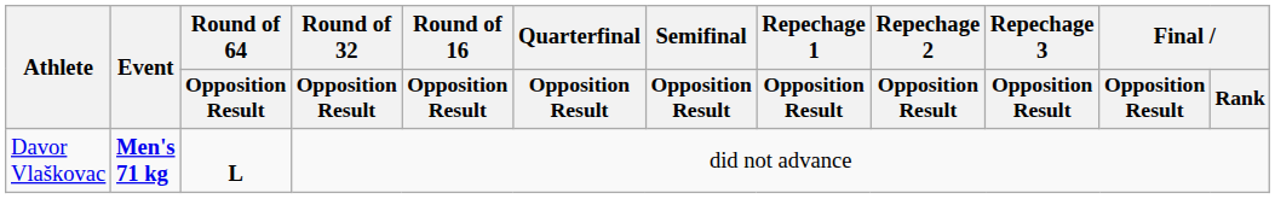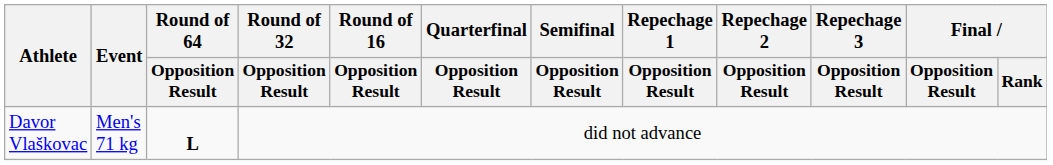 <table class=wikitable style=font-size:90%;text-align:center>
 <tr>
 <th rowspan=2>Athlete</th>
 <th rowspan=2>Event</th>
 <th>Round of 64</th>
 <th>Round of 32</th>
 <th>Round of 16</th>
 <th>Quarterfinal</th>
 <th>Semifinal</th>
 <th>Repechage 1</th>
 <th>Repechage 2</th>
 <th>Repechage 3</th>
 <th colspan=2>Final / </th>
 </tr>
 <tr style=font-size:95%>
 <th>Opposition<br>Result</th>
 <th>Opposition<br>Result</th>
 <th>Opposition<br>Result</th>
 <th>Opposition<br>Result</th>
 <th>Opposition<br>Result</th>
 <th>Opposition<br>Result</th>
 <th>Opposition<br>Result</th>
 <th>Opposition<br>Result</th>
 <th>Opposition<br>Result</th>
 <th>Rank</th>
 </tr>
 <tr>
 <td align=left><a href='#'>Davor Vlaškovac</a></td>
-<td align=left><strong><a href='#'>Men's 71 kg</a></strong></td>
+<td align=left><a href='#'>Men's 71 kg</a></td>
 <td><br><strong>L</strong></td>
 <td colspan=9>did not advance</td>
 </tr>
 </table>
